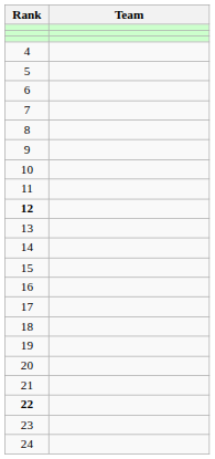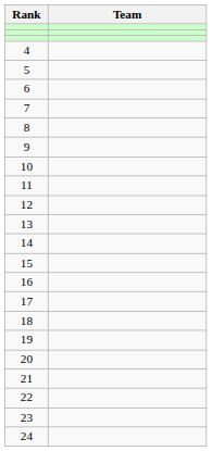 <table class="wikitable" style="text-align: center">
 <tr>
 <th width=50>Rank</th>
 <th width=200>Team</th>
 </tr>
 <tr bgcolor=#ccffcc>
 <td></td>
 <td align=left></td>
 </tr>
 <tr bgcolor=#ccffcc>
 <td></td>
 <td align=left></td>
 </tr>
 <tr bgcolor=#ccffcc>
 <td></td>
 <td align=left></td>
 </tr>
 <tr>
 <td>4</td>
 <td align=left></td>
 </tr>
 <tr>
 <td>5</td>
 <td align=left></td>
 </tr>
 <tr>
 <td>6</td>
 <td align=left></td>
 </tr>
 <tr>
 <td>7</td>
 <td align=left></td>
 </tr>
 <tr>
 <td>8</td>
 <td align=left></td>
 </tr>
 <tr>
 <td>9</td>
 <td align=left></td>
 </tr>
 <tr>
 <td>10</td>
 <td align=left></td>
 </tr>
 <tr>
 <td>11</td>
 <td align=left></td>
 </tr>
 <tr>
-<td><strong>12</strong></td>
+<td>12</td>
 <td align=left></td>
 </tr>
 <tr>
 <td>13</td>
 <td align=left></td>
 </tr>
 <tr>
 <td>14</td>
 <td align=left></td>
 </tr>
 <tr>
 <td>15</td>
 <td align=left></td>
 </tr>
 <tr>
 <td>16</td>
 <td align=left></td>
 </tr>
 <tr>
 <td>17</td>
 <td align=left></td>
 </tr>
 <tr>
 <td>18</td>
 <td align=left></td>
 </tr>
 <tr>
 <td>19</td>
 <td align=left></td>
 </tr>
 <tr>
 <td>20</td>
 <td align=left></td>
 </tr>
 <tr>
 <td>21</td>
 <td align=left></td>
 </tr>
 <tr>
-<td><strong>22</strong></td>
+<td>22</td>
 <td align=left></td>
 </tr>
 <tr>
 <td>23</td>
 <td align=left></td>
 </tr>
 <tr>
 <td>24</td>
 <td align=left></td>
 </tr>
 </table>
